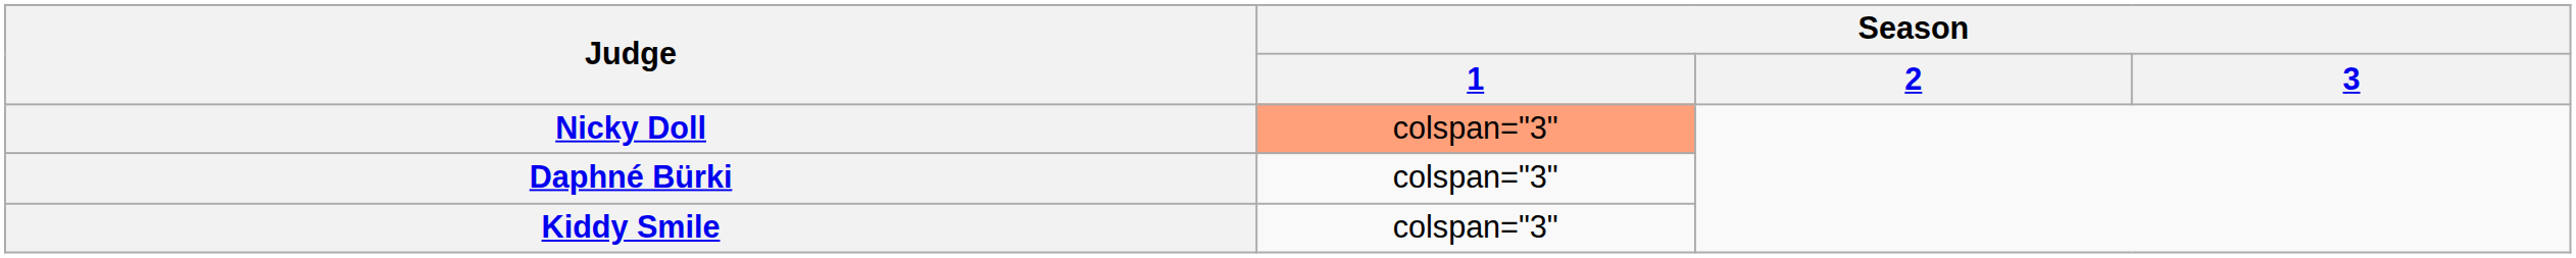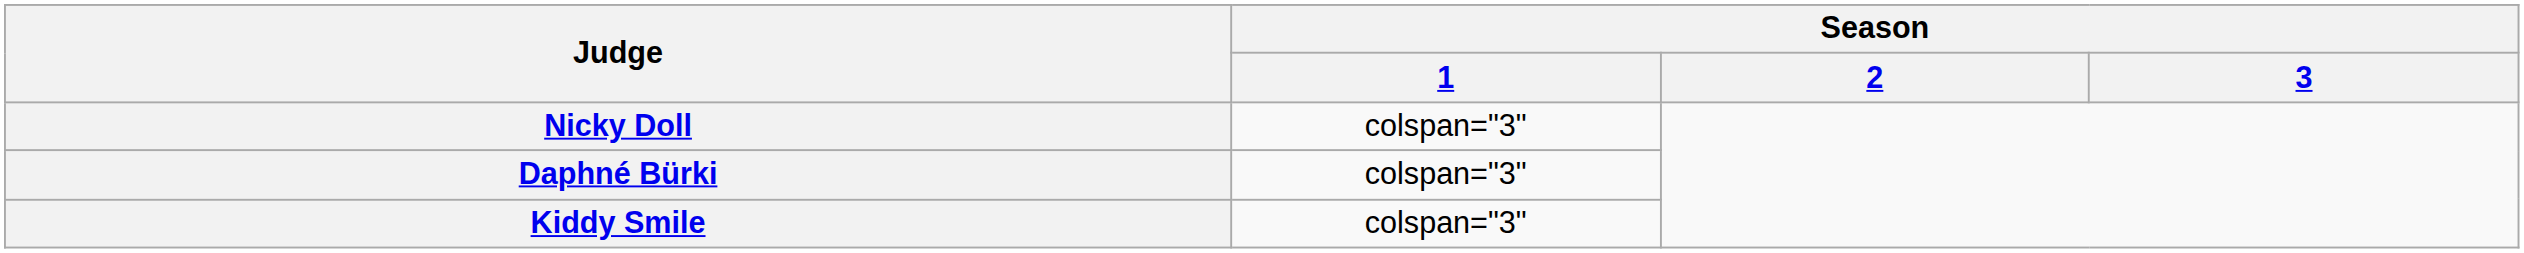 <table class="wikitable plainrowheaders" style="text-align:center">
 <tr>
 <th rowspan="2" style="width:20%;" scope="col">Judge</th>
 <th colspan="3">Season</th>
 </tr>
 <tr>
 <th style="width:7%;" scope="colspan"><a href='#'>1</a></th>
 <th style="width:7%;" scope="colspan"><a href='#'>2</a></th>
 <th style="width:7%;" scope="colspan"><a href='#'>3</a></th>
 </tr>
 <tr>
 <th scope="row" style="text-align: center;"><a href='#'>Nicky Doll</a></th>
-<td style="background: lightsalmon;">colspan="3" </td>
+<td>colspan="3" </td>
 </tr>
 <tr>
 <th scope="row" style="text-align: center;"><a href='#'>Daphné Bürki</a></th>
 <td>colspan="3" </td>
 </tr>
 <tr>
 <th scope="row" style="text-align: center;"><a href='#'>Kiddy Smile</a></th>
 <td>colspan="3" </td>
 </tr>
 </table>
